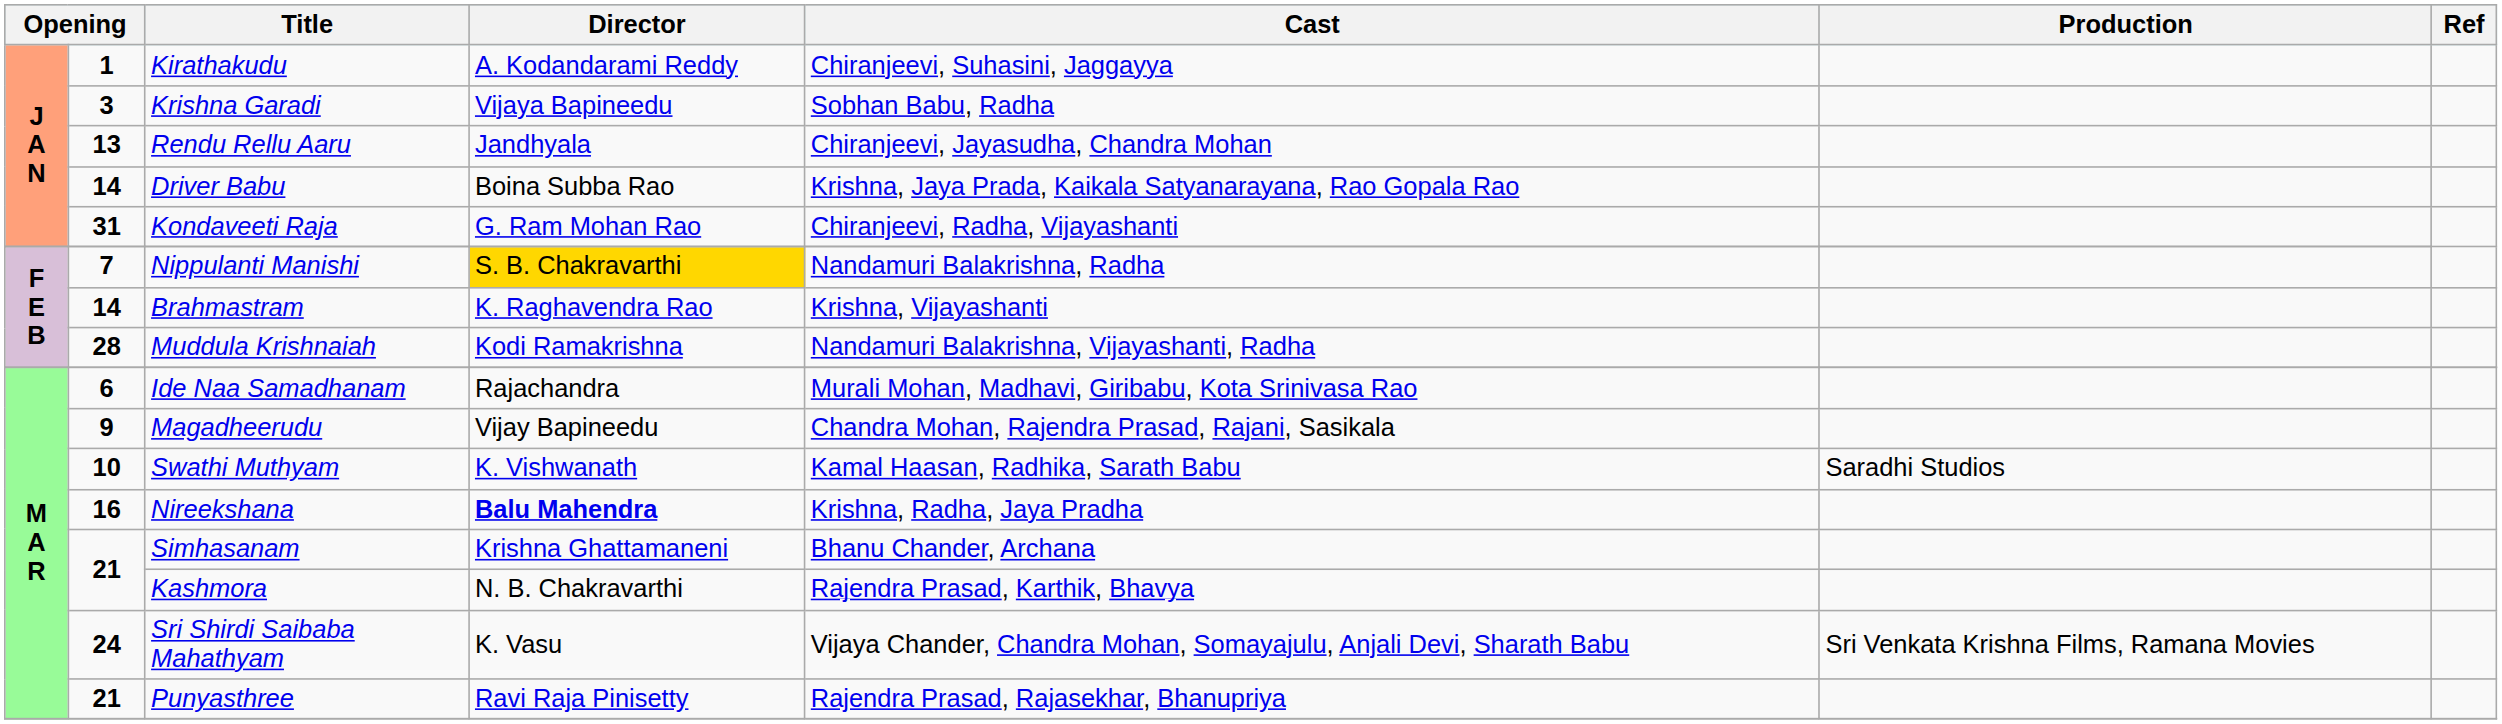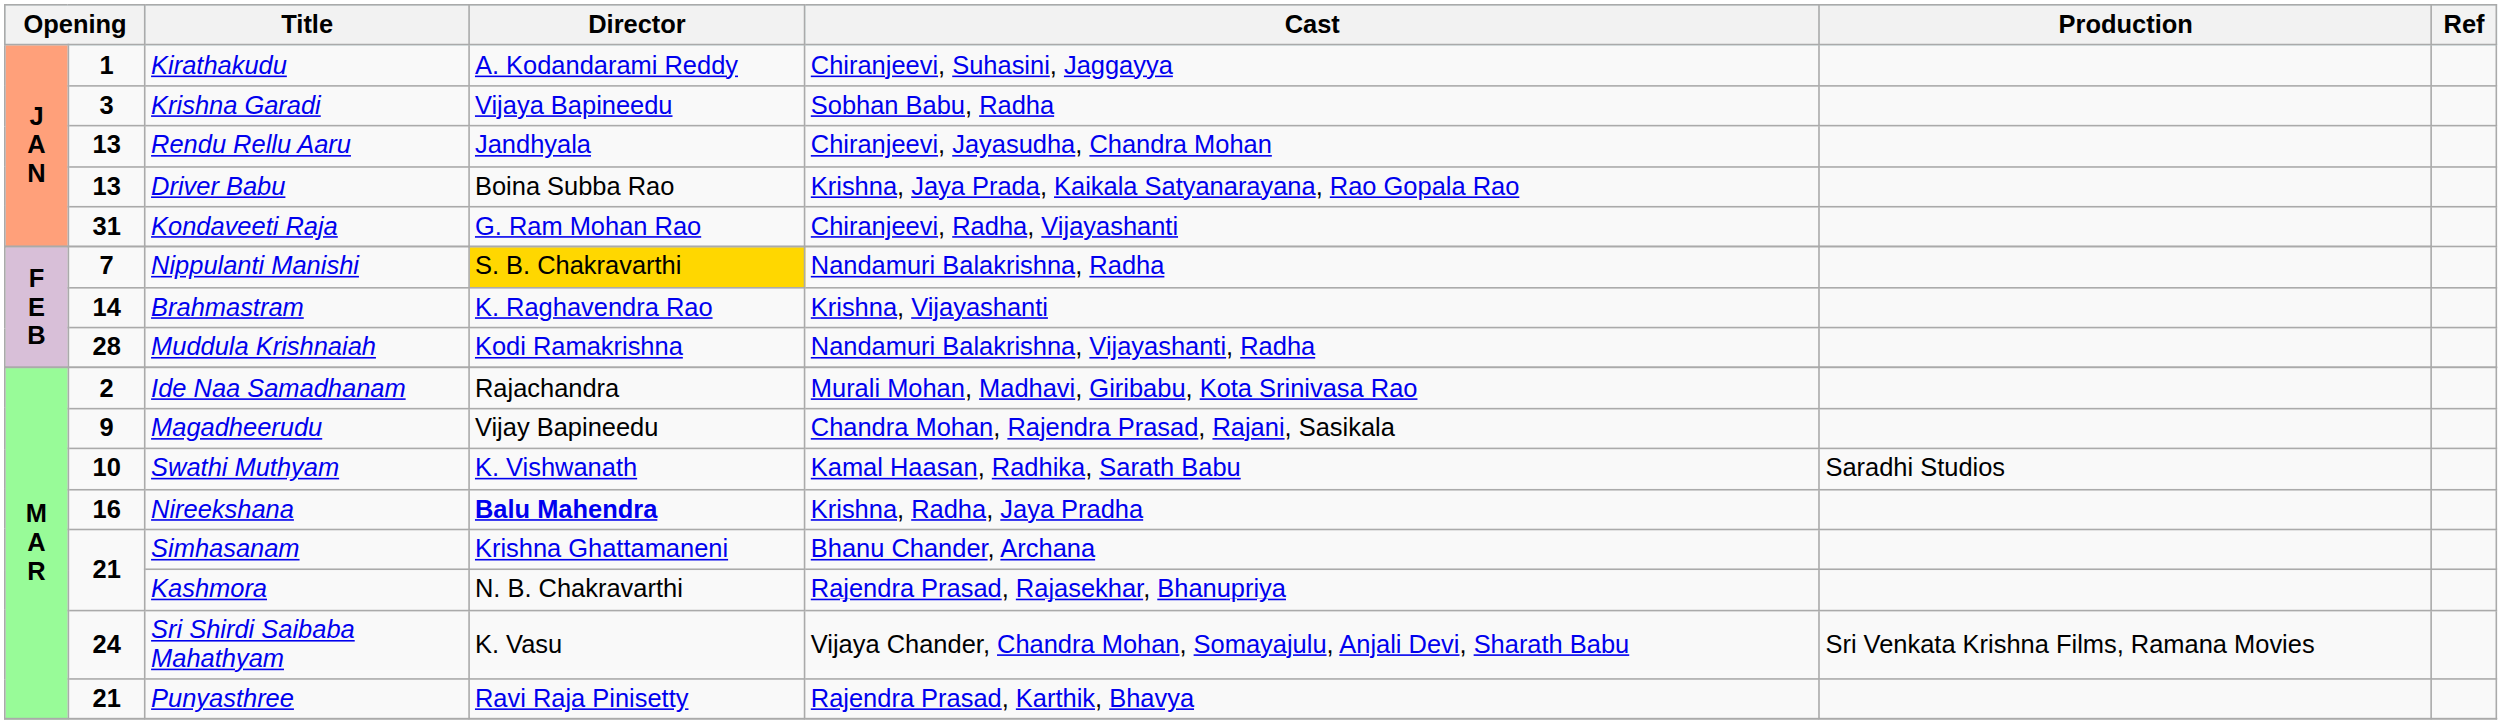 <table class="wikitable">
 <tr style="background:#b0e0e6; text-align:center;">
 <th colspan="2">Opening</th>
 <th style="width:13%;">Title</th>
 <th>Director</th>
 <th>Cast</th>
 <th>Production</th>
 <th>Ref</th>
 </tr>
 <tr January!>
 <td rowspan="5"   style="text-align:center; background:#ffa07a; textcolor:#000;"><strong>J<br>A<br>N</strong></td>
 <td style="text-align:center;"><strong>1</strong></td>
 <td><em><a href='#'>Kirathakudu</a></em></td>
 <td><a href='#'>A. Kodandarami Reddy</a></td>
 <td><a href='#'>Chiranjeevi</a>, <a href='#'>Suhasini</a>, <a href='#'>Jaggayya</a></td>
 <td></td>
 <td></td>
 </tr>
 <tr>
 <td style="text-align:center;"><strong>3</strong></td>
 <td><em><a href='#'>Krishna Garadi</a></em></td>
 <td><a href='#'>Vijaya Bapineedu</a></td>
 <td><a href='#'>Sobhan Babu</a>, <a href='#'>Radha</a></td>
 <td></td>
 <td></td>
 </tr>
 <tr>
 <td style="text-align:center;"><strong>13</strong></td>
 <td><em><a href='#'>Rendu Rellu Aaru</a></em></td>
 <td><a href='#'>Jandhyala</a></td>
 <td><a href='#'>Chiranjeevi</a>, <a href='#'>Jayasudha</a>, <a href='#'>Chandra Mohan</a></td>
 <td></td>
 <td></td>
 </tr>
 <tr>
-<td style="text-align:center;"><strong>14</strong></td>
+<td style="text-align:center;"><strong>13</strong></td>
 <td><em><a href='#'>Driver Babu</a></em></td>
 <td>Boina Subba Rao</td>
 <td><a href='#'>Krishna</a>, <a href='#'>Jaya Prada</a>, <a href='#'>Kaikala Satyanarayana</a>, <a href='#'>Rao Gopala Rao</a></td>
 <td></td>
 <td></td>
 </tr>
 <tr>
 <td style="text-align:center;"><strong>31</strong></td>
 <td><em><a href='#'>Kondaveeti Raja</a></em></td>
 <td><a href='#'>G. Ram Mohan Rao</a></td>
 <td><a href='#'>Chiranjeevi</a>, <a href='#'>Radha</a>, <a href='#'>Vijayashanti</a></td>
 <td></td>
 <td></td>
 </tr>
 <tr>
 </tr>
 <tr February!>
 <td rowspan="3"   style="text-align:center; background:thistle; textcolor:#000;"><strong>F<br>E<br>B</strong></td>
 <td style="text-align:center;"><strong>7</strong></td>
 <td><em><a href='#'>Nippulanti Manishi</a></em></td>
 <td style="background: gold;">S. B. Chakravarthi</td>
 <td><a href='#'>Nandamuri Balakrishna</a>, <a href='#'>Radha</a></td>
 <td></td>
 </tr>
 <tr>
 <td style="text-align:center;"><strong>14</strong></td>
 <td><em><a href='#'>Brahmastram</a></em></td>
 <td><a href='#'>K. Raghavendra Rao</a></td>
 <td><a href='#'>Krishna</a>, <a href='#'>Vijayashanti</a></td>
 <td></td>
 <td></td>
 </tr>
 <tr>
 <td style="text-align:center;"><strong>28</strong></td>
 <td><em><a href='#'>Muddula Krishnaiah</a></em></td>
 <td><a href='#'>Kodi Ramakrishna</a></td>
 <td><a href='#'>Nandamuri Balakrishna</a>, <a href='#'>Vijayashanti</a>, <a href='#'>Radha</a></td>
 <td></td>
 <td></td>
 </tr>
 <tr>
 </tr>
 <tr March!>
 <td rowspan="8"   style="text-align:center; background:#98fb98; textcolor:#000;"><strong>M<br>A<br>R</strong></td>
-<td style="text-align:center;"><strong>6</strong></td>
+<td style="text-align:center;"><strong>2</strong></td>
 <td><em><a href='#'>Ide Naa Samadhanam</a></em></td>
 <td>Rajachandra</td>
 <td><a href='#'>Murali Mohan</a>, <a href='#'>Madhavi</a>, <a href='#'>Giribabu</a>, <a href='#'>Kota Srinivasa Rao</a></td>
 <td></td>
 <td></td>
 </tr>
 <tr>
 <td style="text-align:center;"><strong>9</strong></td>
 <td><em><a href='#'>Magadheerudu</a></em></td>
 <td>Vijay Bapineedu</td>
 <td><a href='#'>Chandra Mohan</a>, <a href='#'>Rajendra Prasad</a>, <a href='#'>Rajani</a>, Sasikala</td>
 <td></td>
 <td></td>
 </tr>
 <tr>
 <td style="text-align:center;"><strong>10</strong></td>
 <td><em><a href='#'>Swathi Muthyam</a></em></td>
 <td><a href='#'>K. Vishwanath</a></td>
 <td><a href='#'>Kamal Haasan</a>, <a href='#'>Radhika</a>, <a href='#'>Sarath Babu</a></td>
 <td>Saradhi Studios</td>
 <td></td>
 </tr>
 <tr>
 <td style="text-align:center;"><strong>16</strong></td>
 <td><em><a href='#'>Nireekshana</a></em></td>
 <td><strong><a href='#'>Balu Mahendra</a></strong></td>
 <td><a href='#'>Krishna</a>, <a href='#'>Radha</a>, <a href='#'>Jaya Pradha</a></td>
 <td></td>
 <td></td>
 </tr>
 <tr>
 <td rowspan=2 style="text-align:center;"><strong>21</strong></td>
 <td><em><a href='#'>Simhasanam</a></em></td>
 <td><a href='#'>Krishna Ghattamaneni</a></td>
 <td><a href='#'>Bhanu Chander</a>, <a href='#'>Archana</a></td>
 <td></td>
 <td></td>
 </tr>
 <tr>
 <td><em><a href='#'>Kashmora</a></em></td>
 <td>N. B. Chakravarthi</td>
-<td><a href='#'>Rajendra Prasad</a>, <a href='#'>Karthik</a>, <a href='#'>Bhavya</a></td>
+<td><a href='#'>Rajendra Prasad</a>, <a href='#'>Rajasekhar</a>, <a href='#'>Bhanupriya</a></td>
 <td></td>
 <td></td>
 </tr>
 <tr>
 <td style="text-align:center;"><strong>24</strong></td>
 <td><em><a href='#'>Sri Shirdi Saibaba Mahathyam</a></em></td>
 <td>K. Vasu</td>
 <td>Vijaya Chander, <a href='#'>Chandra Mohan</a>, <a href='#'>Somayajulu</a>, <a href='#'>Anjali Devi</a>, <a href='#'>Sharath Babu</a></td>
 <td>Sri Venkata Krishna Films, Ramana Movies</td>
 <td></td>
 </tr>
 <tr>
 <td style="text-align:center;"><strong>21</strong></td>
 <td><em><a href='#'>Punyasthree</a></em></td>
 <td><a href='#'>Ravi Raja Pinisetty</a></td>
-<td><a href='#'>Rajendra Prasad</a>, <a href='#'>Rajasekhar</a>, <a href='#'>Bhanupriya</a></td>
+<td><a href='#'>Rajendra Prasad</a>, <a href='#'>Karthik</a>, <a href='#'>Bhavya</a></td>
 <td></td>
 <td></td>
 </tr>
 <tr>
 </tr>
 </table>
